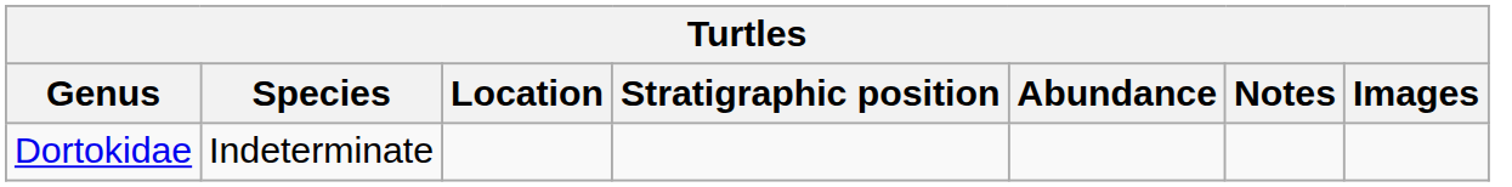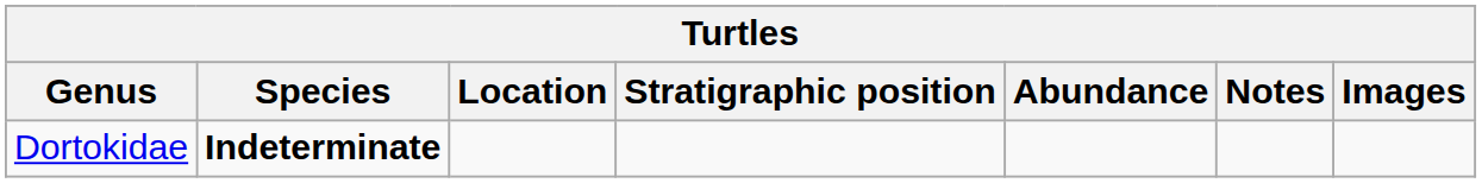 <table class="wikitable" align="center">
 <tr>
 <th colspan="7" align="center">Turtles</th>
 </tr>
 <tr>
 <th>Genus</th>
 <th>Species</th>
 <th>Location</th>
 <th>Stratigraphic position</th>
 <th>Abundance</th>
 <th>Notes</th>
 <th>Images</th>
 </tr>
 <tr>
 <td><a href='#'>Dortokidae</a></td>
-<td>Indeterminate</td>
+<td><strong>Indeterminate</strong></td>
 <td></td>
 <td></td>
 <td></td>
 <td></td>
 <td></td>
 </tr>
 </table>
